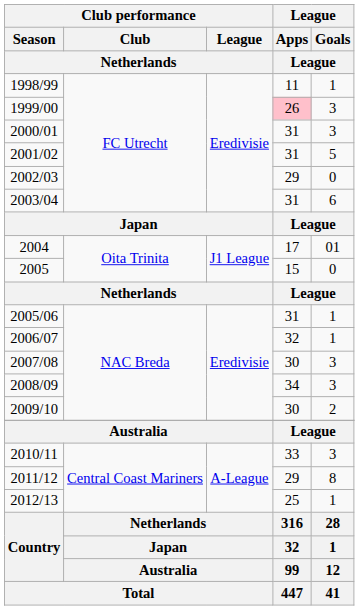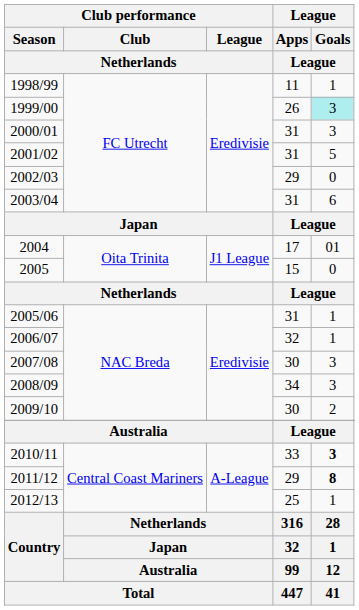 <table class="wikitable" style="text-align:center;">
 <tr>
 <th colspan=3>Club performance</th>
 <th colspan=2>League</th>
 </tr>
 <tr>
 <th>Season</th>
 <th>Club</th>
 <th>League</th>
 <th>Apps</th>
 <th>Goals</th>
 </tr>
 <tr>
 <th colspan=3>Netherlands</th>
 <th colspan=2>League</th>
 </tr>
 <tr>
 <td>1998/99</td>
 <td rowspan="6"><a href='#'>FC Utrecht</a></td>
 <td rowspan="6"><a href='#'>Eredivisie</a></td>
 <td>11</td>
 <td>1</td>
 </tr>
 <tr>
 <td>1999/00</td>
-<td style="background: pink;">26</td>
-<td>3</td>
+<td>26</td>
+<td style="background: paleturquoise;">3</td>
 </tr>
 <tr>
 <td>2000/01</td>
 <td>31</td>
 <td>3</td>
 </tr>
 <tr>
 <td>2001/02</td>
 <td>31</td>
 <td>5</td>
 </tr>
 <tr>
 <td>2002/03</td>
 <td>29</td>
 <td>0</td>
 </tr>
 <tr>
 <td>2003/04</td>
 <td>31</td>
 <td>6</td>
 </tr>
 <tr>
 <th colspan=3>Japan</th>
 <th colspan=2>League</th>
 </tr>
 <tr>
 <td>2004</td>
 <td rowspan="2"><a href='#'>Oita Trinita</a></td>
 <td rowspan="2"><a href='#'>J1 League</a></td>
 <td>17</td>
 <td>01</td>
 </tr>
 <tr>
 <td>2005</td>
 <td>15</td>
 <td>0</td>
 </tr>
 <tr>
 <th colspan=3>Netherlands</th>
 <th colspan=2>League</th>
 </tr>
 <tr>
 <td>2005/06</td>
 <td rowspan="5"><a href='#'>NAC Breda</a></td>
 <td rowspan="5"><a href='#'>Eredivisie</a></td>
 <td>31</td>
 <td>1</td>
 </tr>
 <tr>
 <td>2006/07</td>
 <td>32</td>
 <td>1</td>
 </tr>
 <tr>
 <td>2007/08</td>
 <td>30</td>
 <td>3</td>
 </tr>
 <tr>
 <td>2008/09</td>
 <td>34</td>
 <td>3</td>
 </tr>
 <tr>
 <td>2009/10</td>
 <td>30</td>
 <td>2</td>
 </tr>
 <tr>
 </tr>
 <tr>
 <th colspan=3>Australia</th>
 <th colspan=2>League</th>
 </tr>
 <tr>
 <td>2010/11</td>
 <td rowspan="3"><a href='#'>Central Coast Mariners</a></td>
 <td rowspan="3"><a href='#'>A-League</a></td>
 <td>33</td>
-<td>3</td>
+<td><strong>3</strong></td>
 </tr>
 <tr>
 <td>2011/12</td>
 <td>29</td>
-<td>8</td>
+<td><strong>8</strong></td>
 </tr>
 <tr>
 <td>2012/13</td>
 <td>25</td>
 <td>1</td>
 </tr>
 <tr>
 <th rowspan=3>Country</th>
 <th colspan=2>Netherlands</th>
 <th>316</th>
 <th>28</th>
 </tr>
 <tr>
 <th colspan=2>Japan</th>
 <th>32</th>
 <th>1</th>
 </tr>
 <tr>
 <th colspan=2>Australia</th>
 <th>99</th>
 <th>12</th>
 </tr>
 <tr>
 <th colspan=3>Total</th>
 <th>447</th>
 <th>41</th>
 </tr>
 </table>
